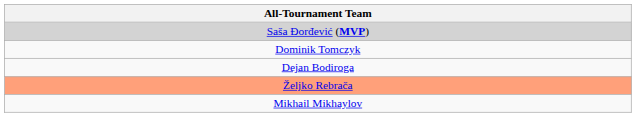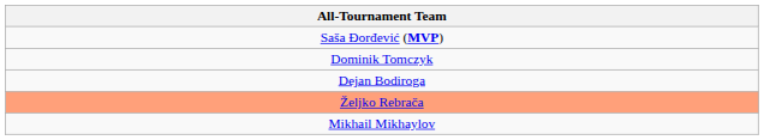 <table class="wikitable sortable" style="text-align:center; width: 100%">
 <tr>
 <th>All-Tournament Team</th>
 </tr>
 <tr>
-<td style="background: lightgrey;"> <a href='#'>Saša Đorđević</a> (<strong><a href='#'>MVP</a></strong>)</td>
+<td> <a href='#'>Saša Đorđević</a> (<strong><a href='#'>MVP</a></strong>)</td>
 </tr>
 <tr>
 <td> <a href='#'>Dominik Tomczyk</a></td>
 </tr>
 <tr>
 <td> <a href='#'>Dejan Bodiroga</a></td>
 </tr>
 <tr>
 <td style="background: lightsalmon;"> <a href='#'>Željko Rebrača</a></td>
 </tr>
 <tr>
 <td> <a href='#'>Mikhail Mikhaylov</a></td>
 </tr>
 </table>
